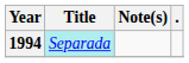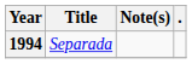 <table class="wikitable plainrowheaders sortable">
 <tr>
 <th scope="col">Year</th>
 <th scope="col">Title</th>
 <th scope="col" class="unsortable">Note(s)</th>
 <th scope="col" class="unsortable">.</th>
 </tr>
 <tr>
 <th scope="row">1994</th>
-<td style="background: paleturquoise;"><em><a href='#'>Separada</a></em></td>
+<td><em><a href='#'>Separada</a></em></td>
 <td></td>
 <td style="text-align:center;"></td>
 </tr>
 <tr>
 </tr>
 </table>
